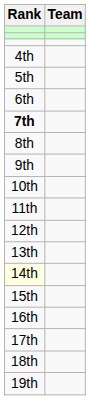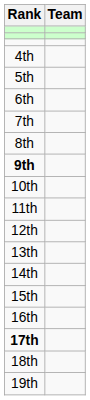 <table class=wikitable style="text-align:center;">
 <tr>
 <th>Rank</th>
 <th>Team</th>
 </tr>
 <tr bgcolor=#ccffcc>
 <td></td>
 <td align=left></td>
 </tr>
 <tr bgcolor=#ccffcc>
 <td></td>
 <td align=left></td>
 </tr>
 <tr>
 <td></td>
 <td align=left></td>
 </tr>
 <tr>
 <td>4th</td>
 <td align=left></td>
 </tr>
 <tr>
 <td>5th</td>
 <td align=left></td>
 </tr>
 <tr>
 <td>6th</td>
 <td align=left></td>
 </tr>
 <tr>
-<td><strong>7th</strong></td>
+<td>7th</td>
 <td align=left></td>
 </tr>
 <tr>
 <td>8th</td>
 <td align=left></td>
 </tr>
 <tr>
-<td>9th</td>
+<td><strong>9th</strong></td>
 <td align=left></td>
 </tr>
 <tr>
 <td>10th</td>
 <td align=left></td>
 </tr>
 <tr>
 <td>11th</td>
 <td align=left></td>
 </tr>
 <tr>
 <td>12th</td>
 <td align=left></td>
 </tr>
 <tr>
 <td>13th</td>
 <td align=left></td>
 </tr>
 <tr>
-<td style="background: lightyellow;">14th</td>
+<td>14th</td>
 <td align=left></td>
 </tr>
 <tr>
 <td>15th</td>
 <td align=left></td>
 </tr>
 <tr>
 <td>16th</td>
 <td align=left></td>
 </tr>
 <tr>
-<td>17th</td>
+<td><strong>17th</strong></td>
 <td align=left></td>
 </tr>
 <tr>
 <td>18th</td>
 <td align=left></td>
 </tr>
 <tr>
 <td>19th</td>
 <td align=left></td>
 </tr>
 </table>
